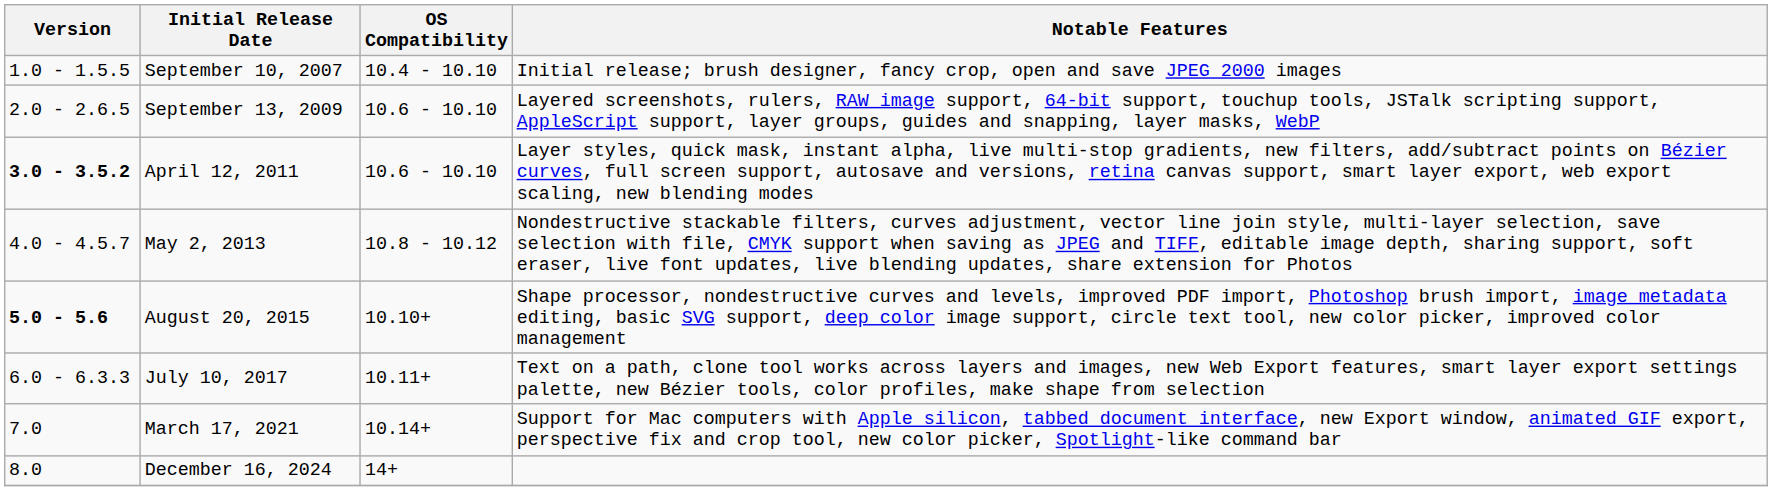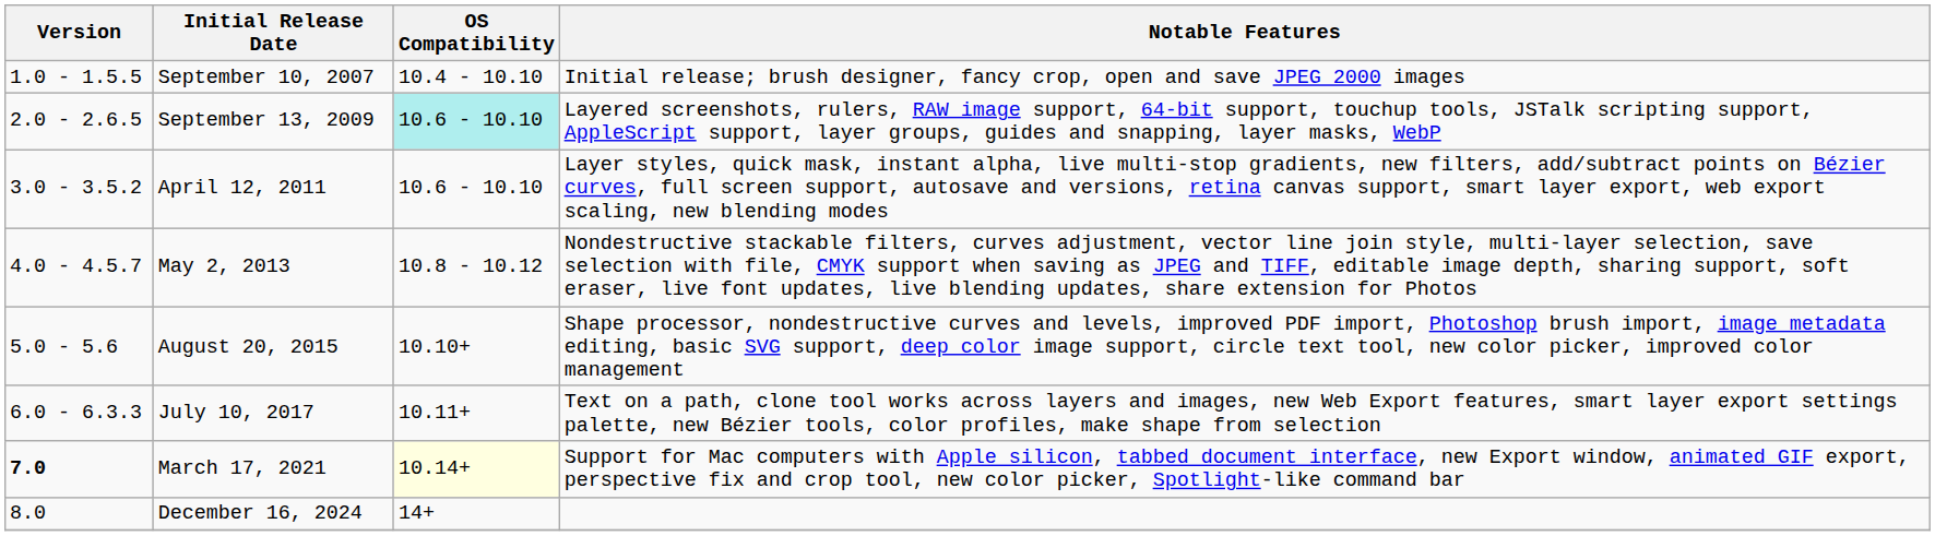 <table class="wikitable">
 <tr>
 <th style="width:90px">Version</th>
 <th style="width:150px">Initial Release Date</th>
 <th style="width:100px">OS Compatibility</th>
 <th>Notable Features</th>
 </tr>
 <tr>
 <td>1.0 - 1.5.5</td>
 <td>September 10, 2007</td>
 <td>10.4 - 10.10</td>
 <td>Initial release; brush designer, fancy crop, open and save <a href='#'>JPEG 2000</a> images</td>
 </tr>
 <tr>
 <td>2.0 - 2.6.5</td>
 <td>September 13, 2009</td>
-<td>10.6 - 10.10 </td>
+<td style="background: paleturquoise;">10.6 - 10.10 </td>
 <td>Layered screenshots, rulers, <a href='#'>RAW image</a> support, <a href='#'>64-bit</a> support, touchup tools, JSTalk scripting support, <a href='#'>AppleScript</a> support, layer groups, guides and snapping, layer masks, <a href='#'>WebP</a></td>
 </tr>
 <tr>
-<td><strong>3.0 - 3.5.2</strong></td>
+<td>3.0 - 3.5.2</td>
 <td>April 12, 2011</td>
 <td>10.6 - 10.10 </td>
 <td>Layer styles, quick mask, instant alpha, live multi-stop gradients, new filters, add/subtract points on <a href='#'>Bézier curves</a>, full screen support, autosave and versions, <a href='#'>retina</a> canvas support, smart layer export, web export scaling, new blending modes </td>
 </tr>
 <tr>
 <td>4.0 - 4.5.7</td>
 <td>May 2, 2013</td>
 <td>10.8 - 10.12 </td>
 <td>Nondestructive stackable filters, curves adjustment, vector line join style, multi-layer selection, save selection with file, <a href='#'>CMYK</a> support when saving as <a href='#'>JPEG</a> and <a href='#'>TIFF</a>, editable image depth, sharing support, soft eraser, live font updates, live blending updates, share extension for Photos</td>
 </tr>
 <tr>
-<td><strong>5.0 - 5.6</strong></td>
+<td>5.0 - 5.6</td>
 <td>August 20, 2015</td>
 <td>10.10+ </td>
 <td>Shape processor, nondestructive curves and levels, improved PDF import, <a href='#'>Photoshop</a> brush import, <a href='#'>image metadata</a> editing, basic <a href='#'>SVG</a> support, <a href='#'>deep color</a> image support, circle text tool, new color picker, improved color management</td>
 </tr>
 <tr>
 <td>6.0 - 6.3.3</td>
 <td>July 10, 2017</td>
 <td>10.11+ </td>
 <td>Text on a path, clone tool works across layers and images, new Web Export features, smart layer export settings palette, new Bézier tools, color profiles, make shape from selection </td>
 </tr>
 <tr>
-<td>7.0</td>
+<td><strong>7.0</strong></td>
 <td>March 17, 2021</td>
-<td>10.14+ </td>
+<td style="background: lightyellow;">10.14+ </td>
 <td>Support for Mac computers with <a href='#'>Apple silicon</a>, <a href='#'>tabbed document interface</a>, new Export window, <a href='#'>animated GIF</a> export, perspective fix and crop tool, new color picker, <a href='#'>Spotlight</a>-like command bar</td>
 </tr>
 <tr>
 <td>8.0</td>
 <td>December 16, 2024</td>
 <td>14+ </td>
 <td></td>
 </tr>
 <tr>
 </tr>
 </table>
